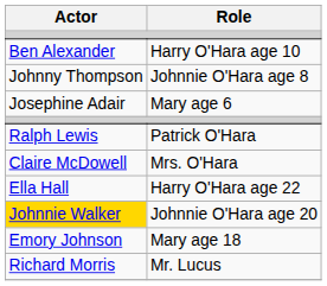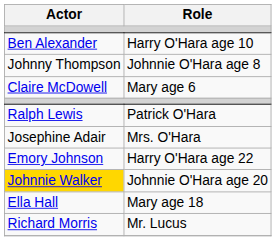 <table class="wikitable">
 <tr>
 <th>Actor</th>
 <th>Role</th>
 </tr>
 <tr>
 <td colspan="2" style="border-bottom:1px solid black;background:lightgrey;"></td>
 </tr>
 <tr>
 <td><a href='#'>Ben Alexander</a></td>
 <td>Harry O'Hara age 10</td>
 </tr>
 <tr>
 <td>Johnny Thompson</td>
 <td>Johnnie O'Hara age 8</td>
 </tr>
 <tr>
-<td>Josephine Adair</td>
+<td><a href='#'>Claire McDowell</a></td>
 <td>Mary age 6</td>
 </tr>
 <tr>
 <td colspan="2" style="border-bottom:1px solid black;background:lightgrey;"></td>
 </tr>
 <tr>
 <td><a href='#'>Ralph Lewis</a></td>
 <td>Patrick O'Hara</td>
 </tr>
 <tr>
-<td><a href='#'>Claire McDowell</a></td>
+<td>Josephine Adair</td>
 <td>Mrs. O'Hara</td>
 </tr>
 <tr>
-<td><a href='#'>Ella Hall</a></td>
+<td><a href='#'>Emory Johnson</a></td>
 <td>Harry O'Hara age 22</td>
 </tr>
 <tr>
 <td style="background: gold;"><a href='#'>Johnnie Walker</a></td>
 <td>Johnnie O'Hara age 20</td>
 </tr>
 <tr>
-<td><a href='#'>Emory Johnson</a></td>
+<td><a href='#'>Ella Hall</a></td>
 <td>Mary age 18</td>
 </tr>
 <tr>
 <td><a href='#'>Richard Morris</a></td>
 <td>Mr. Lucus</td>
 </tr>
 <tr>
 </tr>
 </table>
